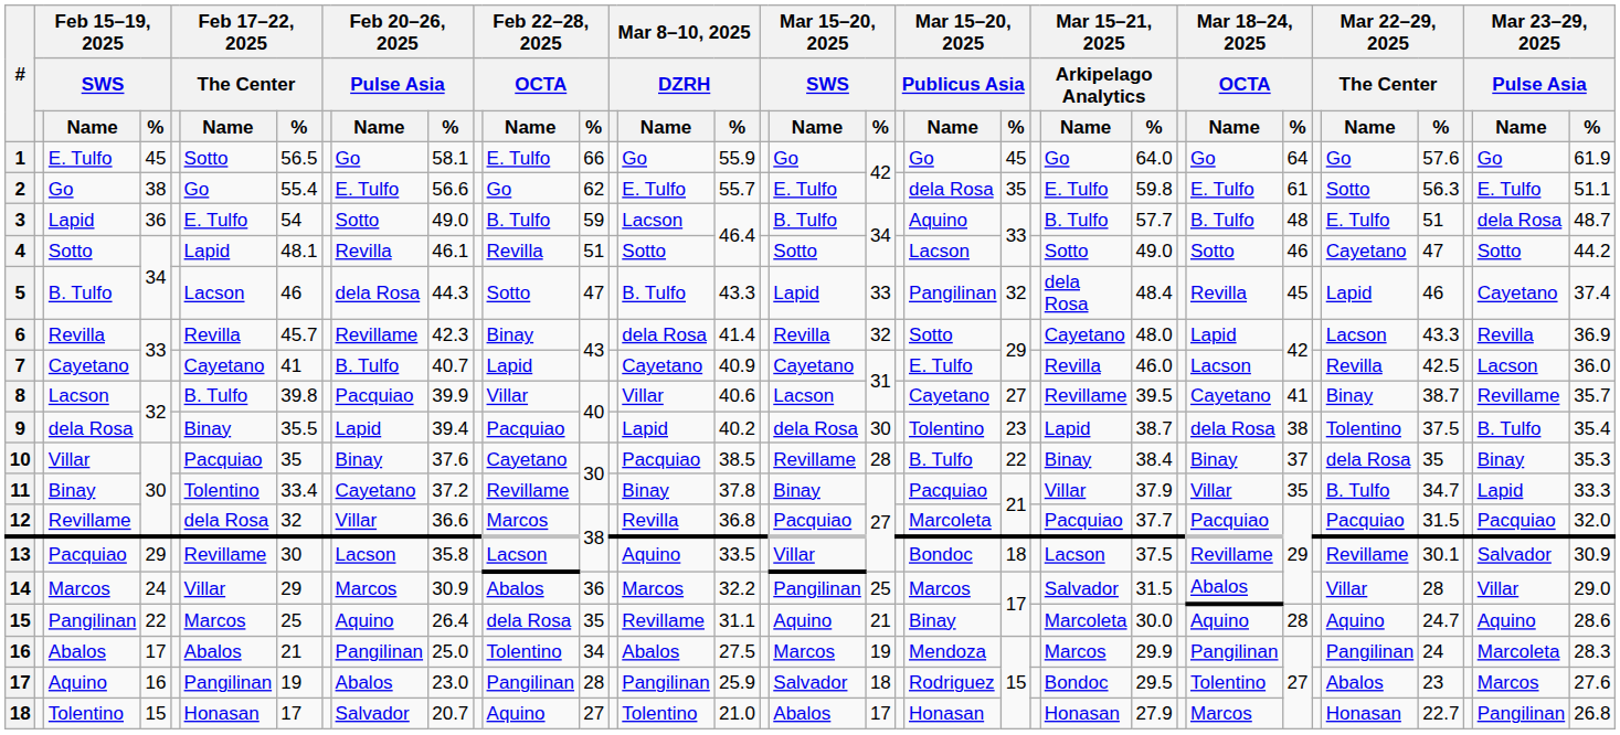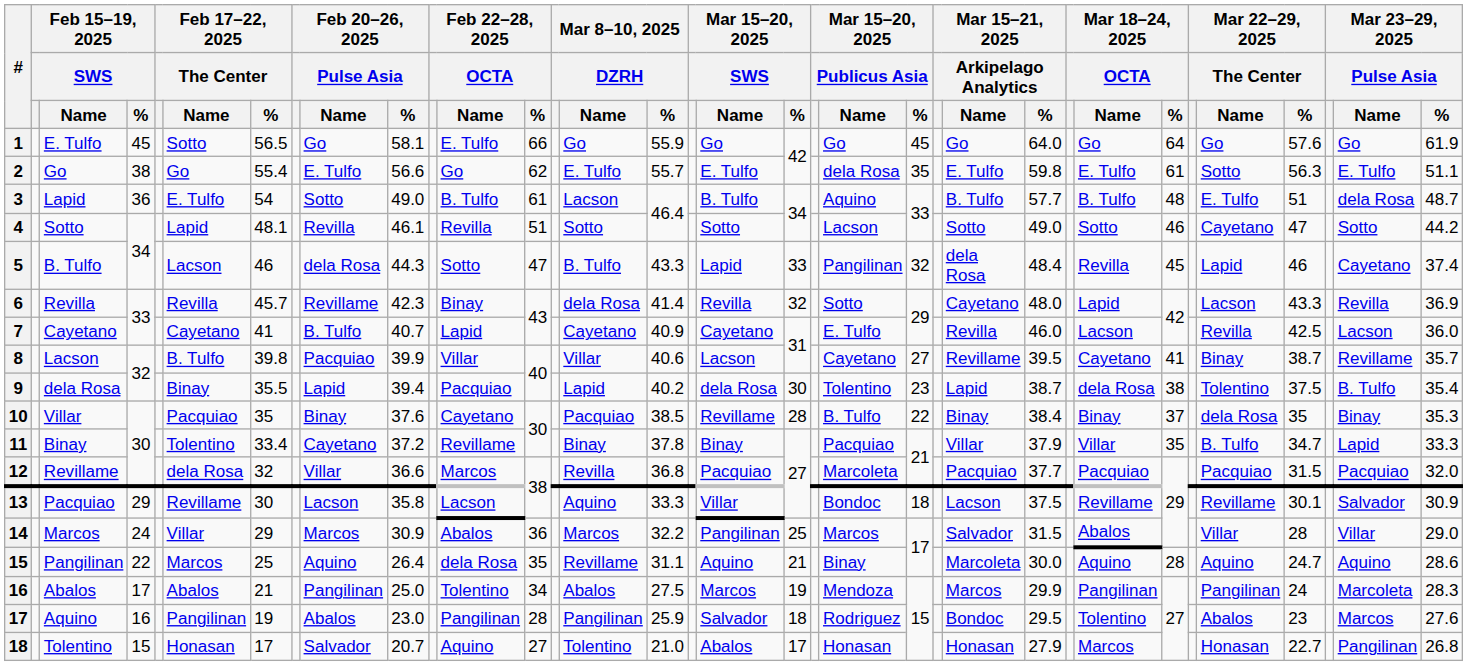 <table class="wikitable sortable" style="font-size:80%;">
 <tr>
 <th rowspan="3" class="unsortable">#</th>
 <th colspan="3">Feb 15–19, 2025</th>
 <th colspan="3">Feb 17–22, 2025</th>
 <th colspan="3">Feb 20–26, 2025</th>
 <th colspan="3">Feb 22–28, 2025</th>
 <th colspan="3">Mar 8–10, 2025</th>
 <th colspan="3">Mar 15–20, 2025</th>
 <th colspan="3">Mar 15–20, 2025</th>
 <th colspan="3">Mar 15–21, 2025</th>
 <th colspan="3">Mar 18–24, 2025</th>
 <th colspan="3">Mar 22–29, 2025</th>
 <th colspan="3">Mar 23–29, 2025</th>
 </tr>
 <tr>
 <th colspan="3"><a href='#'>SWS</a></th>
 <th colspan="3">The Center</th>
 <th colspan="3"><a href='#'>Pulse Asia</a></th>
 <th colspan="3"><a href='#'>OCTA</a></th>
 <th colspan="3"><a href='#'>DZRH</a></th>
 <th colspan="3"><a href='#'>SWS</a></th>
 <th colspan="3"><a href='#'>Publicus Asia</a></th>
 <th colspan="3">Arkipelago Analytics</th>
 <th colspan="3"><a href='#'>OCTA</a></th>
 <th colspan="3">The Center</th>
 <th colspan="3"><a href='#'>Pulse Asia</a></th>
 </tr>
 <tr>
 <th width=5px class="unsortable"></th>
 <th>Name</th>
 <th>%</th>
 <th width=5px class="unsortable"></th>
 <th>Name</th>
 <th>%</th>
 <th width=5px class="unsortable"></th>
 <th>Name</th>
 <th>%</th>
 <th width=5px class="unsortable"></th>
 <th>Name</th>
 <th>%</th>
 <th width=5px class="unsortable"></th>
 <th>Name</th>
 <th>%</th>
 <th width=5px class="unsortable"></th>
 <th>Name</th>
 <th>%</th>
 <th width=5px class="unsortable"></th>
 <th>Name</th>
 <th>%</th>
 <th width=5px class="unsortable"></th>
 <th>Name</th>
 <th>%</th>
 <th width=5px class="unsortable"></th>
 <th>Name</th>
 <th>%</th>
 <th width=5px class="unsortable"></th>
 <th>Name</th>
 <th>%</th>
 <th width=5px class="unsortable"></th>
 <th>Name</th>
 <th>%</th>
 </tr>
 <tr>
 <th>1</th>
 <td></td>
 <td><a href='#'>E. Tulfo</a></td>
 <td>45</td>
 <td></td>
 <td><a href='#'>Sotto</a></td>
 <td>56.5</td>
 <td></td>
 <td><a href='#'>Go</a></td>
 <td>58.1</td>
 <td></td>
 <td><a href='#'>E. Tulfo</a></td>
 <td>66</td>
 <td></td>
 <td><a href='#'>Go</a></td>
 <td>55.9</td>
 <td></td>
 <td><a href='#'>Go</a></td>
 <td rowspan="2">42</td>
 <td></td>
 <td><a href='#'>Go</a></td>
 <td>45</td>
 <td></td>
 <td><a href='#'>Go</a></td>
 <td>64.0</td>
 <td></td>
 <td><a href='#'>Go</a></td>
 <td>64</td>
 <td></td>
 <td><a href='#'>Go</a></td>
 <td>57.6</td>
 <td></td>
 <td><a href='#'>Go</a></td>
 <td>61.9</td>
 </tr>
 <tr>
 <th>2</th>
 <td></td>
 <td><a href='#'>Go</a></td>
 <td>38</td>
 <td></td>
 <td><a href='#'>Go</a></td>
 <td>55.4</td>
 <td></td>
 <td><a href='#'>E. Tulfo</a></td>
 <td>56.6</td>
 <td></td>
 <td><a href='#'>Go</a></td>
 <td>62</td>
 <td></td>
 <td><a href='#'>E. Tulfo</a></td>
 <td>55.7</td>
 <td></td>
 <td><a href='#'>E. Tulfo</a></td>
 <td></td>
 <td><a href='#'>dela Rosa</a></td>
 <td>35</td>
 <td></td>
 <td><a href='#'>E. Tulfo</a></td>
 <td>59.8</td>
 <td></td>
 <td><a href='#'>E. Tulfo</a></td>
 <td>61</td>
 <td></td>
 <td><a href='#'>Sotto</a></td>
 <td>56.3</td>
 <td></td>
 <td><a href='#'>E. Tulfo</a></td>
 <td>51.1</td>
 </tr>
 <tr>
 <th>3</th>
 <td></td>
 <td><a href='#'>Lapid</a></td>
 <td>36</td>
 <td></td>
 <td><a href='#'>E. Tulfo</a></td>
 <td>54</td>
 <td></td>
 <td><a href='#'>Sotto</a></td>
 <td>49.0</td>
 <td></td>
 <td><a href='#'>B. Tulfo</a></td>
-<td>59</td>
+<td>61</td>
 <td></td>
 <td><a href='#'>Lacson</a></td>
 <td rowspan="2">46.4</td>
 <td></td>
 <td><a href='#'>B. Tulfo</a></td>
 <td rowspan="2">34</td>
 <td></td>
 <td><a href='#'>Aquino</a></td>
 <td rowspan="2">33</td>
 <td></td>
 <td><a href='#'>B. Tulfo</a></td>
 <td>57.7</td>
 <td></td>
 <td><a href='#'>B. Tulfo</a></td>
 <td>48</td>
 <td></td>
 <td><a href='#'>E. Tulfo</a></td>
 <td>51</td>
 <td></td>
 <td><a href='#'>dela Rosa</a></td>
 <td>48.7</td>
 </tr>
 <tr>
 <th>4</th>
 <td></td>
 <td><a href='#'>Sotto</a></td>
 <td rowspan="2">34</td>
 <td></td>
 <td><a href='#'>Lapid</a></td>
 <td>48.1</td>
 <td></td>
 <td><a href='#'>Revilla</a></td>
 <td>46.1</td>
 <td></td>
 <td><a href='#'>Revilla</a></td>
 <td>51</td>
 <td></td>
 <td><a href='#'>Sotto</a></td>
 <td></td>
 <td><a href='#'>Sotto</a></td>
 <td></td>
 <td><a href='#'>Lacson</a></td>
 <td></td>
 <td><a href='#'>Sotto</a></td>
 <td>49.0</td>
 <td></td>
 <td><a href='#'>Sotto</a></td>
 <td>46</td>
 <td></td>
 <td><a href='#'>Cayetano</a></td>
 <td>47</td>
 <td></td>
 <td><a href='#'>Sotto</a></td>
 <td>44.2</td>
 </tr>
 <tr>
 <th>5</th>
 <td></td>
 <td><a href='#'>B. Tulfo</a></td>
 <td></td>
 <td><a href='#'>Lacson</a></td>
 <td>46</td>
 <td></td>
 <td><a href='#'>dela Rosa</a></td>
 <td>44.3</td>
 <td></td>
 <td><a href='#'>Sotto</a></td>
 <td>47</td>
 <td></td>
 <td><a href='#'>B. Tulfo</a></td>
 <td>43.3</td>
 <td></td>
 <td><a href='#'>Lapid</a></td>
 <td>33</td>
 <td></td>
 <td><a href='#'>Pangilinan</a></td>
 <td>32</td>
 <td></td>
 <td><a href='#'>dela Rosa</a></td>
 <td>48.4</td>
 <td></td>
 <td><a href='#'>Revilla</a></td>
 <td>45</td>
 <td></td>
 <td><a href='#'>Lapid</a></td>
 <td>46</td>
 <td></td>
 <td><a href='#'>Cayetano</a></td>
 <td>37.4</td>
 </tr>
 <tr>
 <th>6</th>
 <td></td>
 <td><a href='#'>Revilla</a></td>
 <td rowspan="2">33</td>
 <td></td>
 <td><a href='#'>Revilla</a></td>
 <td>45.7</td>
 <td></td>
 <td><a href='#'>Revillame</a></td>
 <td>42.3</td>
 <td></td>
 <td><a href='#'>Binay</a></td>
 <td rowspan="2">43</td>
 <td></td>
 <td><a href='#'>dela Rosa</a></td>
 <td>41.4</td>
 <td></td>
 <td><a href='#'>Revilla</a></td>
 <td>32</td>
 <td></td>
 <td><a href='#'>Sotto</a></td>
 <td rowspan="2">29</td>
 <td></td>
 <td><a href='#'>Cayetano</a></td>
 <td>48.0</td>
 <td></td>
 <td><a href='#'>Lapid</a></td>
 <td rowspan="2">42</td>
 <td></td>
 <td><a href='#'>Lacson</a></td>
 <td>43.3</td>
 <td></td>
 <td><a href='#'>Revilla</a></td>
 <td>36.9</td>
 </tr>
 <tr>
 <th>7</th>
 <td></td>
 <td><a href='#'>Cayetano</a></td>
 <td></td>
 <td><a href='#'>Cayetano</a></td>
 <td>41</td>
 <td></td>
 <td><a href='#'>B. Tulfo</a></td>
 <td>40.7</td>
 <td></td>
 <td><a href='#'>Lapid</a></td>
 <td></td>
 <td><a href='#'>Cayetano</a></td>
 <td>40.9</td>
 <td></td>
 <td><a href='#'>Cayetano</a></td>
 <td rowspan="2">31</td>
 <td></td>
 <td><a href='#'>E. Tulfo</a></td>
 <td></td>
 <td><a href='#'>Revilla</a></td>
 <td>46.0</td>
 <td></td>
 <td><a href='#'>Lacson</a></td>
 <td></td>
 <td><a href='#'>Revilla</a></td>
 <td>42.5</td>
 <td></td>
 <td><a href='#'>Lacson</a></td>
 <td>36.0</td>
 </tr>
 <tr>
 <th>8</th>
 <td></td>
 <td><a href='#'>Lacson</a></td>
 <td rowspan="2">32</td>
 <td></td>
 <td><a href='#'>B. Tulfo</a></td>
 <td>39.8</td>
 <td></td>
 <td><a href='#'>Pacquiao</a></td>
 <td>39.9</td>
 <td></td>
 <td><a href='#'>Villar</a></td>
 <td rowspan="2">40</td>
 <td></td>
 <td><a href='#'>Villar</a></td>
 <td>40.6</td>
 <td></td>
 <td><a href='#'>Lacson</a></td>
 <td></td>
 <td><a href='#'>Cayetano</a></td>
 <td>27</td>
 <td></td>
 <td><a href='#'>Revillame</a></td>
 <td>39.5</td>
 <td></td>
 <td><a href='#'>Cayetano</a></td>
 <td>41</td>
 <td></td>
 <td><a href='#'>Binay</a></td>
 <td>38.7</td>
 <td></td>
 <td><a href='#'>Revillame</a></td>
 <td>35.7</td>
 </tr>
 <tr>
 <th>9</th>
 <td></td>
 <td><a href='#'>dela Rosa</a></td>
 <td></td>
 <td><a href='#'>Binay</a></td>
 <td>35.5</td>
 <td></td>
 <td><a href='#'>Lapid</a></td>
 <td>39.4</td>
 <td></td>
 <td><a href='#'>Pacquiao</a></td>
 <td></td>
 <td><a href='#'>Lapid</a></td>
 <td>40.2</td>
 <td></td>
 <td><a href='#'>dela Rosa</a></td>
 <td>30</td>
 <td></td>
 <td><a href='#'>Tolentino</a></td>
 <td>23</td>
 <td></td>
 <td><a href='#'>Lapid</a></td>
 <td>38.7</td>
 <td></td>
 <td><a href='#'>dela Rosa</a></td>
 <td>38</td>
 <td></td>
 <td><a href='#'>Tolentino</a></td>
 <td>37.5</td>
 <td></td>
 <td><a href='#'>B. Tulfo</a></td>
 <td>35.4</td>
 </tr>
 <tr>
 <th>10</th>
 <td></td>
 <td><a href='#'>Villar</a></td>
 <td rowspan="3">30</td>
 <td></td>
 <td><a href='#'>Pacquiao</a></td>
 <td>35</td>
 <td></td>
 <td><a href='#'>Binay</a></td>
 <td>37.6</td>
 <td></td>
 <td><a href='#'>Cayetano</a></td>
 <td rowspan="2">30</td>
 <td></td>
 <td><a href='#'>Pacquiao</a></td>
 <td>38.5</td>
 <td></td>
 <td><a href='#'>Revillame</a></td>
 <td>28</td>
 <td></td>
 <td><a href='#'>B. Tulfo</a></td>
 <td>22</td>
 <td></td>
 <td><a href='#'>Binay</a></td>
 <td>38.4</td>
 <td></td>
 <td><a href='#'>Binay</a></td>
 <td>37</td>
 <td></td>
 <td><a href='#'>dela Rosa</a></td>
 <td>35</td>
 <td></td>
 <td><a href='#'>Binay</a></td>
 <td>35.3</td>
 </tr>
 <tr>
 <th>11</th>
 <td></td>
 <td><a href='#'>Binay</a></td>
 <td></td>
 <td><a href='#'>Tolentino</a></td>
 <td>33.4</td>
 <td></td>
 <td><a href='#'>Cayetano</a></td>
 <td>37.2</td>
 <td></td>
 <td><a href='#'>Revillame</a></td>
 <td></td>
 <td><a href='#'>Binay</a></td>
 <td>37.8</td>
 <td></td>
 <td><a href='#'>Binay</a></td>
 <td rowspan="3">27</td>
 <td></td>
 <td><a href='#'>Pacquiao</a></td>
 <td rowspan="2">21</td>
 <td></td>
 <td><a href='#'>Villar</a></td>
 <td>37.9</td>
 <td></td>
 <td><a href='#'>Villar</a></td>
 <td>35</td>
 <td></td>
 <td><a href='#'>B. Tulfo</a></td>
 <td>34.7</td>
 <td></td>
 <td><a href='#'>Lapid</a></td>
 <td>33.3</td>
 </tr>
 <tr style="border-bottom:3px solid black">
 <th>12</th>
 <td></td>
 <td><a href='#'>Revillame</a></td>
 <td></td>
 <td><a href='#'>dela Rosa</a></td>
 <td>32</td>
 <td></td>
 <td><a href='#'>Villar</a></td>
 <td>36.6</td>
 <td></td>
 <td style="border-bottom:3px solid #c0c0c0;"><a href='#'>Marcos</a></td>
 <td rowspan="2">38</td>
 <td></td>
 <td><a href='#'>Revilla</a></td>
 <td>36.8</td>
 <td></td>
 <td style="border-bottom:3px solid #c0c0c0;"><a href='#'>Pacquiao</a></td>
 <td></td>
 <td><a href='#'>Marcoleta</a></td>
 <td></td>
 <td><a href='#'>Pacquiao</a></td>
 <td>37.7</td>
 <td></td>
 <td style="border-bottom:3px solid #c0c0c0;"><a href='#'>Pacquiao</a></td>
 <td rowspan="3">29</td>
 <td></td>
 <td><a href='#'>Pacquiao</a></td>
 <td>31.5</td>
 <td></td>
 <td><a href='#'>Pacquiao</a></td>
 <td>32.0</td>
 </tr>
 <tr>
 <th>13</th>
 <td></td>
 <td><a href='#'>Pacquiao</a></td>
 <td>29</td>
 <td></td>
 <td><a href='#'>Revillame</a></td>
 <td>30</td>
 <td></td>
 <td><a href='#'>Lacson</a></td>
 <td>35.8</td>
 <td></td>
 <td style="border-bottom:3px solid black"><a href='#'>Lacson</a></td>
 <td></td>
 <td><a href='#'>Aquino</a></td>
-<td>33.5</td>
+<td>33.3</td>
 <td></td>
 <td style="border-bottom:3px solid black"><a href='#'>Villar</a></td>
 <td></td>
 <td><a href='#'>Bondoc</a></td>
 <td>18</td>
 <td></td>
 <td><a href='#'>Lacson</a></td>
 <td>37.5</td>
 <td></td>
 <td><a href='#'>Revillame</a></td>
 <td></td>
 <td><a href='#'>Revillame</a></td>
 <td>30.1</td>
 <td></td>
 <td><a href='#'>Salvador</a></td>
 <td>30.9</td>
 </tr>
 <tr>
 <th>14</th>
 <td></td>
 <td><a href='#'>Marcos</a></td>
 <td>24</td>
 <td></td>
 <td><a href='#'>Villar</a></td>
 <td>29</td>
 <td></td>
 <td><a href='#'>Marcos</a></td>
 <td>30.9</td>
 <td></td>
 <td><a href='#'>Abalos</a></td>
 <td>36</td>
 <td></td>
 <td><a href='#'>Marcos</a></td>
 <td>32.2</td>
 <td></td>
 <td><a href='#'>Pangilinan</a></td>
 <td>25</td>
 <td></td>
 <td><a href='#'>Marcos</a></td>
 <td rowspan="2">17</td>
 <td></td>
 <td><a href='#'>Salvador</a></td>
 <td>31.5</td>
 <td></td>
 <td style="border-bottom:3px solid black"><a href='#'>Abalos</a></td>
 <td></td>
 <td><a href='#'>Villar</a></td>
 <td>28</td>
 <td></td>
 <td><a href='#'>Villar</a></td>
 <td>29.0</td>
 </tr>
 <tr>
 <th>15</th>
 <td></td>
 <td><a href='#'>Pangilinan</a></td>
 <td>22</td>
 <td></td>
 <td><a href='#'>Marcos</a></td>
 <td>25</td>
 <td></td>
 <td><a href='#'>Aquino</a></td>
 <td>26.4</td>
 <td></td>
 <td><a href='#'>dela Rosa</a></td>
 <td>35</td>
 <td></td>
 <td><a href='#'>Revillame</a></td>
 <td>31.1</td>
 <td></td>
 <td><a href='#'>Aquino</a></td>
 <td>21</td>
 <td></td>
 <td><a href='#'>Binay</a></td>
 <td></td>
 <td><a href='#'>Marcoleta</a></td>
 <td>30.0</td>
 <td></td>
 <td><a href='#'>Aquino</a></td>
 <td>28</td>
 <td></td>
 <td><a href='#'>Aquino</a></td>
 <td>24.7</td>
 <td></td>
 <td><a href='#'>Aquino</a></td>
 <td>28.6</td>
 </tr>
 <tr>
 <th>16</th>
 <td></td>
 <td><a href='#'>Abalos</a></td>
 <td>17</td>
 <td></td>
 <td><a href='#'>Abalos</a></td>
 <td>21</td>
 <td></td>
 <td><a href='#'>Pangilinan</a></td>
 <td>25.0</td>
 <td></td>
 <td><a href='#'>Tolentino</a></td>
 <td>34</td>
 <td></td>
 <td><a href='#'>Abalos</a></td>
 <td>27.5</td>
 <td></td>
 <td><a href='#'>Marcos</a></td>
 <td>19</td>
 <td></td>
 <td><a href='#'>Mendoza</a></td>
 <td rowspan="3">15</td>
 <td></td>
 <td><a href='#'>Marcos</a></td>
 <td>29.9</td>
 <td></td>
 <td><a href='#'>Pangilinan</a></td>
 <td rowspan="3">27</td>
 <td></td>
 <td><a href='#'>Pangilinan</a></td>
 <td>24</td>
 <td></td>
 <td><a href='#'>Marcoleta</a></td>
 <td>28.3</td>
 </tr>
 <tr>
 <th>17</th>
 <td></td>
 <td><a href='#'>Aquino</a></td>
 <td>16</td>
 <td></td>
 <td><a href='#'>Pangilinan</a></td>
 <td>19</td>
 <td></td>
 <td><a href='#'>Abalos</a></td>
 <td>23.0</td>
 <td></td>
 <td><a href='#'>Pangilinan</a></td>
 <td>28</td>
 <td></td>
 <td><a href='#'>Pangilinan</a></td>
 <td>25.9</td>
 <td></td>
 <td><a href='#'>Salvador</a></td>
 <td>18</td>
 <td></td>
 <td><a href='#'>Rodriguez</a></td>
 <td></td>
 <td><a href='#'>Bondoc</a></td>
 <td>29.5</td>
 <td></td>
 <td><a href='#'>Tolentino</a></td>
 <td></td>
 <td><a href='#'>Abalos</a></td>
 <td>23</td>
 <td></td>
 <td><a href='#'>Marcos</a></td>
 <td>27.6</td>
 </tr>
 <tr>
 <th>18</th>
 <td></td>
 <td><a href='#'>Tolentino</a></td>
 <td>15</td>
 <td></td>
 <td><a href='#'>Honasan</a></td>
 <td>17</td>
 <td></td>
 <td><a href='#'>Salvador</a></td>
 <td>20.7</td>
 <td></td>
 <td><a href='#'>Aquino</a></td>
 <td>27</td>
 <td></td>
 <td><a href='#'>Tolentino</a></td>
 <td>21.0</td>
 <td></td>
 <td><a href='#'>Abalos</a></td>
 <td>17</td>
 <td></td>
 <td><a href='#'>Honasan</a></td>
 <td></td>
 <td><a href='#'>Honasan</a></td>
 <td>27.9</td>
 <td></td>
 <td><a href='#'>Marcos</a></td>
 <td></td>
 <td><a href='#'>Honasan</a></td>
 <td>22.7</td>
 <td></td>
 <td><a href='#'>Pangilinan</a></td>
 <td>26.8</td>
 </tr>
 </table>
